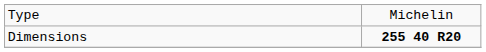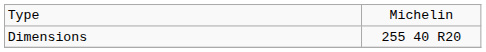 <table class="wikitable" width="75%">
 <tr>
 <td width="75%">Type</td>
 <td align="center">Michelin</td>
 </tr>
 <tr>
 <td width="75%">Dimensions</td>
-<td align="center"><strong>255 40 R20</strong></td>
+<td align="center">255 40 R20</td>
 </tr>
 <tr>
 </tr>
 </table>
